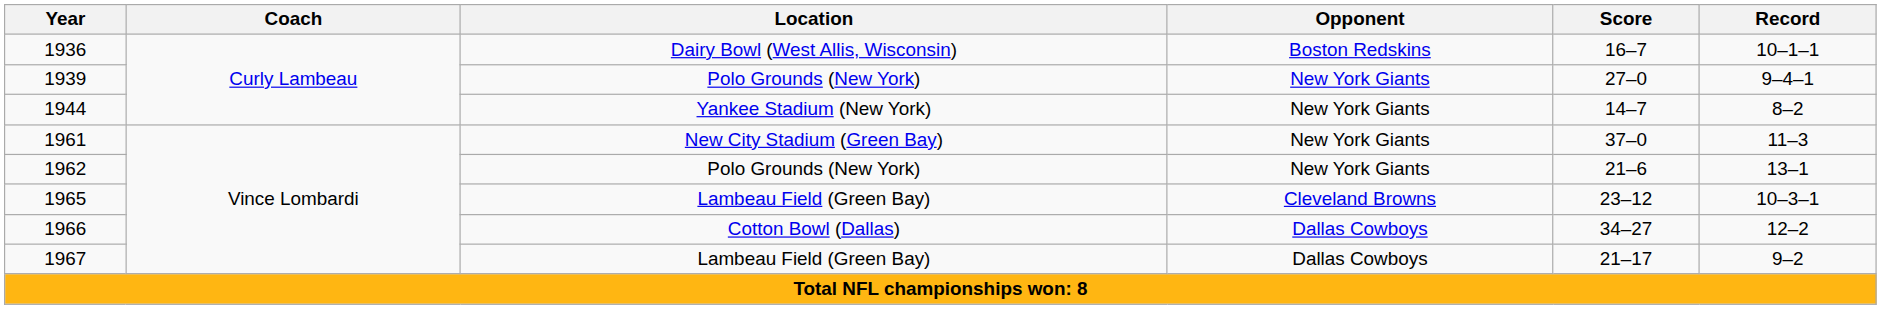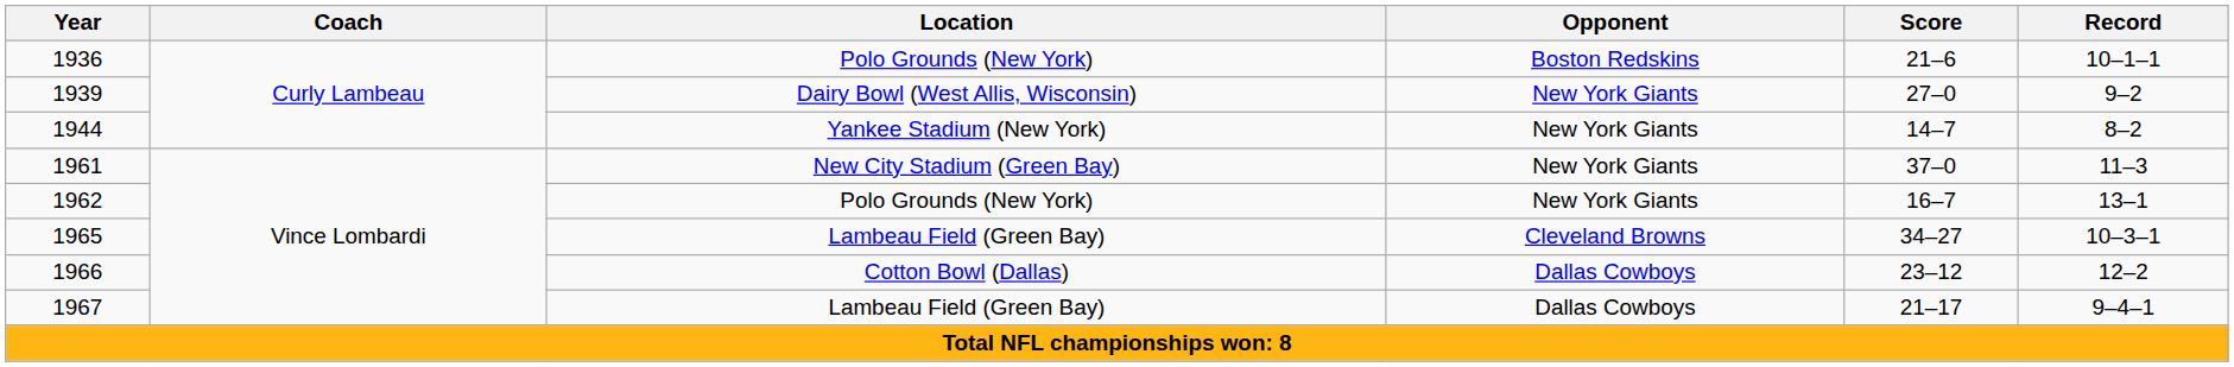 <table class="wikitable" style="width:80%;text-align:center">
 <tr>
 <th>Year</th>
 <th>Coach</th>
 <th>Location</th>
 <th>Opponent</th>
 <th>Score</th>
 <th>Record</th>
 </tr>
 <tr>
 <td>1936</td>
 <td rowspan="3"><a href='#'>Curly Lambeau</a></td>
-<td><a href='#'>Dairy Bowl</a> (<a href='#'>West Allis, Wisconsin</a>)</td>
+<td><a href='#'>Polo Grounds</a> (<a href='#'>New York</a>)</td>
 <td><a href='#'>Boston Redskins</a></td>
-<td>16–7</td>
+<td>21–6</td>
 <td>10–1–1</td>
 </tr>
 <tr>
 <td>1939</td>
-<td><a href='#'>Polo Grounds</a> (<a href='#'>New York</a>)</td>
+<td><a href='#'>Dairy Bowl</a> (<a href='#'>West Allis, Wisconsin</a>)</td>
 <td><a href='#'>New York Giants</a></td>
 <td>27–0</td>
-<td>9–4–1</td>
+<td>9–2</td>
 </tr>
 <tr>
 <td>1944</td>
 <td><a href='#'>Yankee Stadium</a> (New York)</td>
 <td>New York Giants</td>
 <td>14–7</td>
 <td>8–2</td>
 </tr>
 <tr>
 <td>1961</td>
 <td rowspan="5">Vince Lombardi</td>
 <td><a href='#'>New City Stadium</a> (<a href='#'>Green Bay</a>)</td>
 <td>New York Giants</td>
 <td>37–0</td>
 <td>11–3</td>
 </tr>
 <tr>
 <td>1962</td>
 <td>Polo Grounds (New York)</td>
 <td>New York Giants</td>
-<td>21–6</td>
+<td>16–7</td>
 <td>13–1</td>
 </tr>
 <tr>
 <td>1965</td>
 <td><a href='#'>Lambeau Field</a> (Green Bay)</td>
 <td><a href='#'>Cleveland Browns</a></td>
-<td>23–12</td>
+<td>34–27</td>
 <td>10–3–1</td>
 </tr>
 <tr>
 <td>1966</td>
 <td><a href='#'>Cotton Bowl</a> (<a href='#'>Dallas</a>)</td>
 <td><a href='#'>Dallas Cowboys</a></td>
-<td>34–27</td>
+<td>23–12</td>
 <td>12–2</td>
 </tr>
 <tr>
 <td>1967</td>
 <td>Lambeau Field (Green Bay)</td>
 <td>Dallas Cowboys</td>
 <td>21–17</td>
-<td>9–2</td>
+<td>9–4–1</td>
 </tr>
 <tr style="background:#FFB612">
 <td colspan="6"><span><strong>Total NFL championships won: 8</strong></span></td>
 </tr>
 </table>
